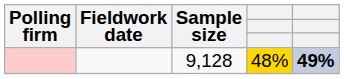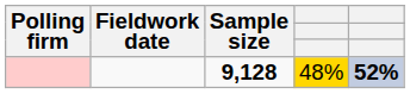 <table class="wikitable sortable" style="text-align:center;font-size:95%;line-height:14px;">
 <tr>
 <th rowspan="3">Polling<br>firm</th>
 <th rowspan="3">Fieldwork<br>date</th>
 <th rowspan="3">Sample<br>size</th>
 <th></th>
 <th></th>
 </tr>
 <tr>
 <th></th>
 <th></th>
 </tr>
 <tr>
 <th style="background:"></th>
 <th style="background:"></th>
 </tr>
 <tr>
 <td style="background:#FFCCCC;"></td>
 <td></td>
-<td>9,128</td>
+<td><strong>9,128</strong></td>
 <td style="background: gold;">48%</td>
-<td style="background:#C1CCE1;"><strong>49%</strong></td>
+<td style="background:#C1CCE1;"><strong>52%</strong></td>
 </tr>
 </table>
